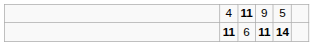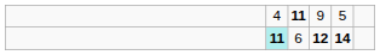 <table class="wikitable">
 <tr>
 <td style="width:18em"></td>
 <td align=center style="width:1em">4</td>
 <td align=center style="width:1em"><strong>11</strong></td>
 <td align=center style="width:1em">9</td>
 <td align=center style="width:1em">5</td>
 <td align=center style="width:1em"></td>
 </tr>
 <tr>
 <td style="width:18em"></td>
-<td align=center style="width:1em"><strong>11</strong></td>
+<td align=center style="background: paleturquoise; width:1em"><strong>11</strong></td>
 <td align=center style="width:1em">6</td>
-<td align=center style="width:1em"><strong>11</strong></td>
+<td align=center style="width:1em"><strong>12</strong></td>
 <td align=center style="width:1em"><strong>14</strong></td>
 <td align=center style="width:1em"></td>
 </tr>
 </table>
